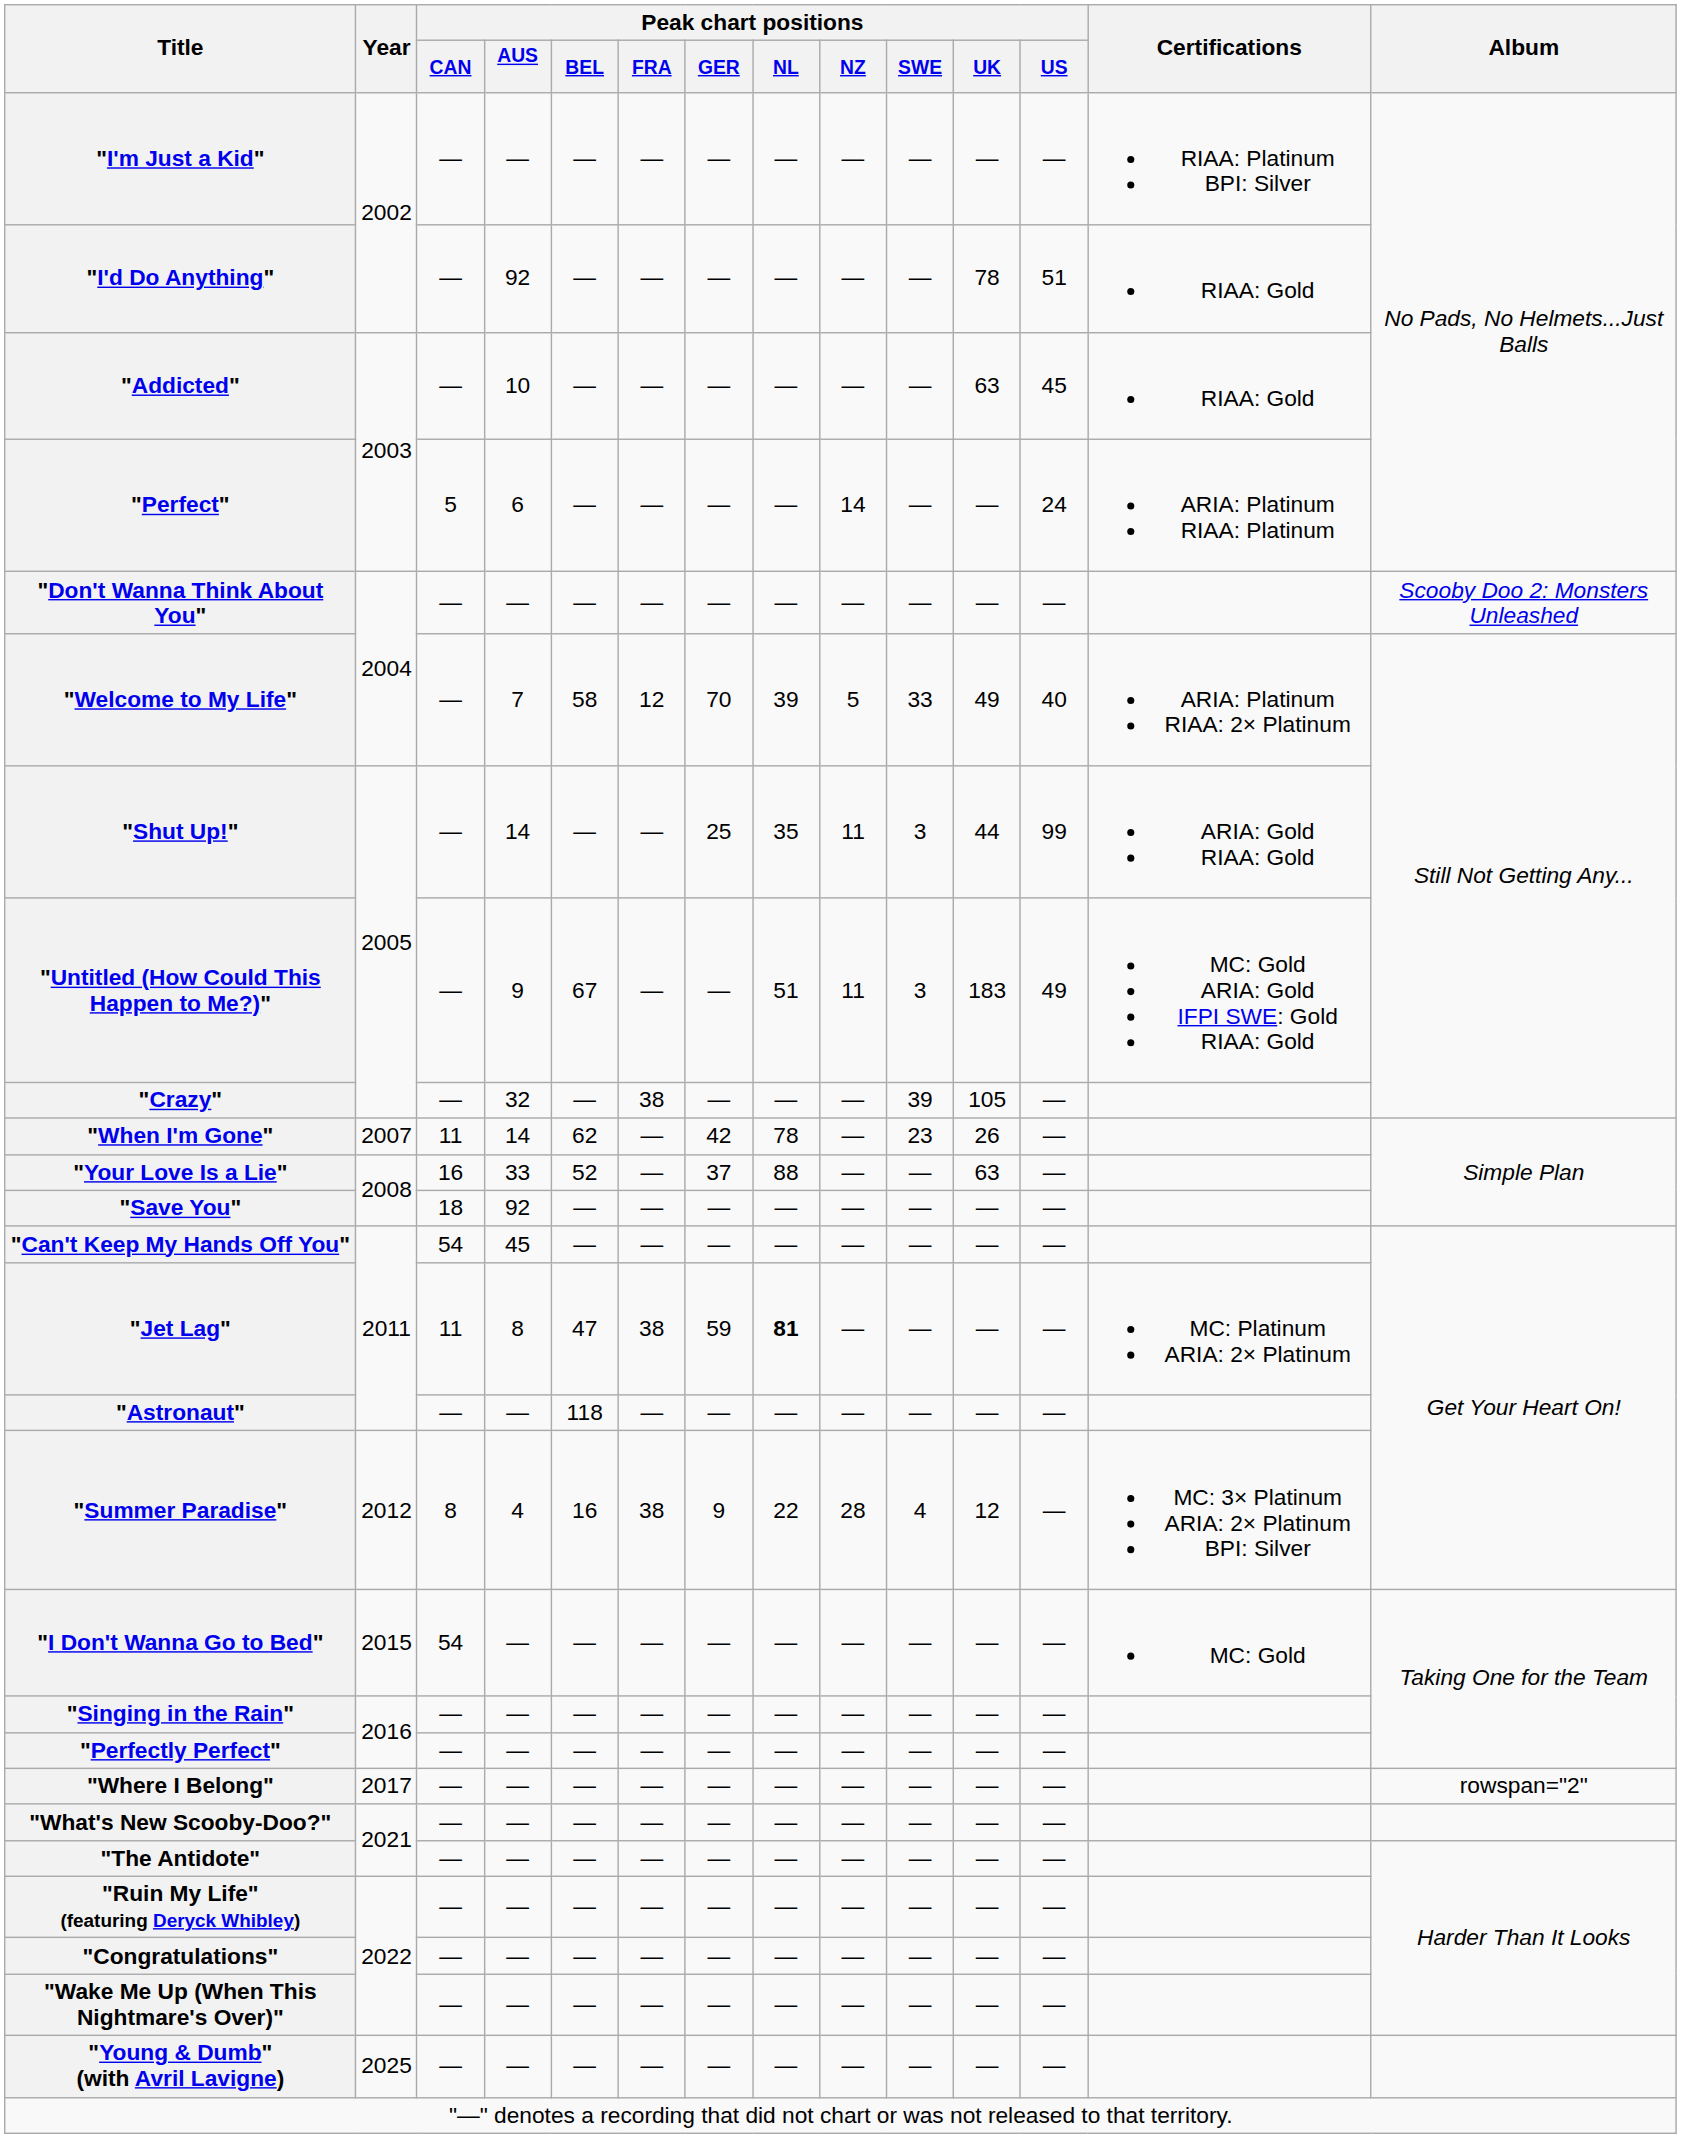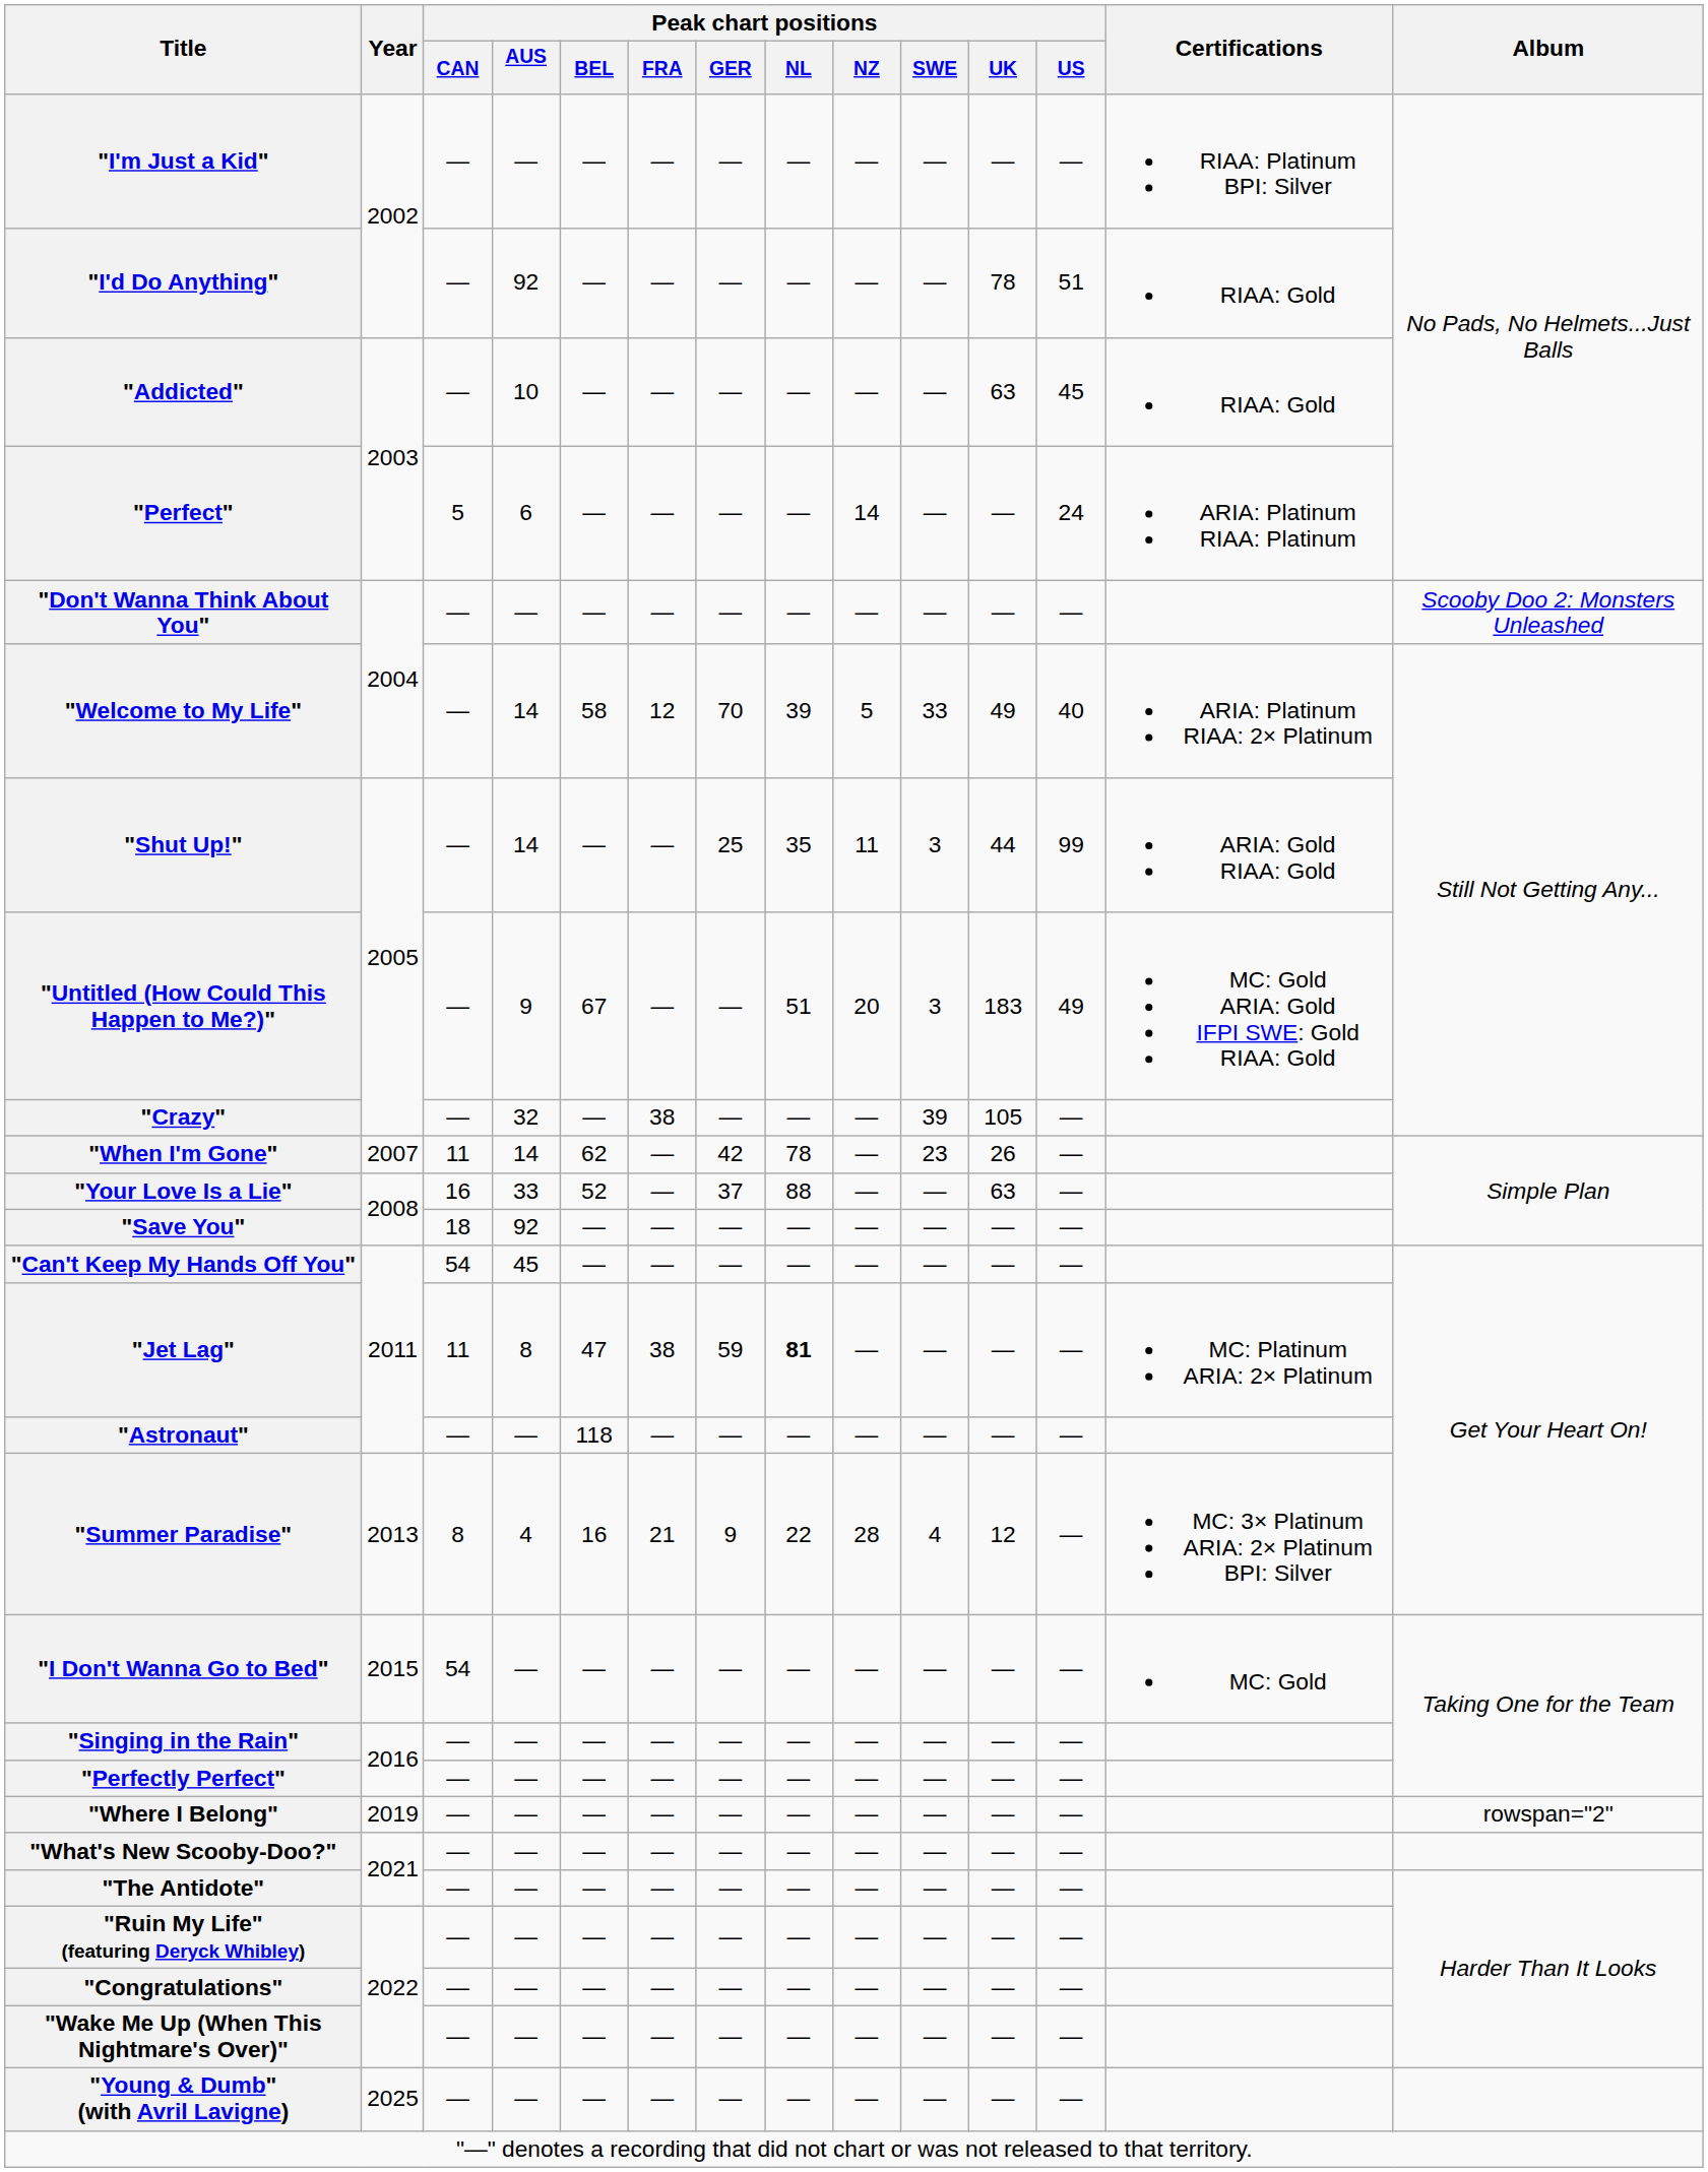 <table class="wikitable plainrowheaders" style="text-align:center;">
 <tr>
 <th scope="col" rowspan="2" style="width:15em;">Title</th>
 <th scope="col" rowspan="2" style="width:2em;">Year</th>
 <th scope="col" colspan="10" style="width:1em;">Peak chart positions</th>
 <th scope="col" rowspan="2" style="width:12em;">Certifications</th>
 <th scope="col" rowspan="2" style="width:13em;">Album</th>
 </tr>
 <tr>
 <th scope="col" style="width:3em;font-size:85%;"><a href='#'>CAN</a><br></th>
 <th scope="col" style="width:3em;font-size:85%;"><a href='#'>AUS</a><br><br></th>
 <th scope="col" style="width:3em;font-size:85%;"><a href='#'>BEL</a><br></th>
 <th scope="col" style="width:3em;font-size:85%;"><a href='#'>FRA</a><br></th>
 <th scope="col" style="width:3em;font-size:85%;"><a href='#'>GER</a><br></th>
 <th scope="col" style="width:3em;font-size:85%;"><a href='#'>NL</a><br></th>
 <th scope="col" style="width:3em;font-size:85%;"><a href='#'>NZ</a><br></th>
 <th scope="col" style="width:3em;font-size:85%;"><a href='#'>SWE</a><br></th>
 <th scope="col" style="width:3em;font-size:85%;"><a href='#'>UK</a><br></th>
 <th scope="col" style="width:3em;font-size:85%;"><a href='#'>US</a><br></th>
 </tr>
 <tr>
 <th scope="row">"<a href='#'>I'm Just a Kid</a>"</th>
 <td rowspan="2">2002</td>
 <td>—</td>
 <td>—</td>
 <td>—</td>
 <td>—</td>
 <td>—</td>
 <td>—</td>
 <td>—</td>
 <td>—</td>
 <td>—</td>
 <td>—</td>
 <td><br><ul><li>RIAA: Platinum</li><li>BPI: Silver</li></ul></td>
 <td rowspan="4"><em>No Pads, No Helmets...Just Balls</em></td>
 </tr>
 <tr>
 <th scope="row">"<a href='#'>I'd Do Anything</a>"<br></th>
 <td>—</td>
 <td>92</td>
 <td>—</td>
 <td>—</td>
 <td>—</td>
 <td>—</td>
 <td>—</td>
 <td>—</td>
 <td>78</td>
 <td>51</td>
 <td><br><ul><li>RIAA: Gold</li></ul></td>
 </tr>
 <tr>
 <th scope="row">"<a href='#'>Addicted</a>"</th>
 <td rowspan="2">2003</td>
 <td>—</td>
 <td>10</td>
 <td>—</td>
 <td>—</td>
 <td>—</td>
 <td>—</td>
 <td>—</td>
 <td>—</td>
 <td>63</td>
 <td>45</td>
 <td><br><ul><li>RIAA: Gold</li></ul></td>
 </tr>
 <tr>
 <th scope="row">"<a href='#'>Perfect</a>"</th>
 <td>5</td>
 <td>6</td>
 <td>—</td>
 <td>—</td>
 <td>—</td>
 <td>—</td>
 <td>14</td>
 <td>—</td>
 <td>—</td>
 <td>24</td>
 <td><br><ul><li>ARIA: Platinum</li><li>RIAA: Platinum</li></ul></td>
 </tr>
 <tr>
 <th scope="row">"<a href='#'>Don't Wanna Think About You</a>"</th>
 <td rowspan="2">2004</td>
 <td>—</td>
 <td>—</td>
 <td>—</td>
 <td>—</td>
 <td>—</td>
 <td>—</td>
 <td>—</td>
 <td>—</td>
 <td>—</td>
 <td>—</td>
 <td></td>
 <td><em><a href='#'>Scooby Doo 2: Monsters Unleashed</a></em></td>
 </tr>
 <tr>
 <th scope="row">"<a href='#'>Welcome to My Life</a>"</th>
 <td>—</td>
-<td>7</td>
+<td>14</td>
 <td>58</td>
 <td>12</td>
 <td>70</td>
 <td>39</td>
 <td>5</td>
 <td>33</td>
 <td>49</td>
 <td>40</td>
 <td><br><ul><li>ARIA: Platinum</li><li>RIAA: 2× Platinum</li></ul></td>
 <td rowspan="4"><em>Still Not Getting Any...</em></td>
 </tr>
 <tr>
 <th scope="row">"<a href='#'>Shut Up!</a>"</th>
 <td rowspan="3">2005</td>
 <td>—</td>
 <td>14</td>
 <td>—</td>
 <td>—</td>
 <td>25</td>
 <td>35</td>
 <td>11</td>
 <td>3</td>
 <td>44</td>
 <td>99</td>
 <td><br><ul><li>ARIA: Gold</li><li>RIAA: Gold</li></ul></td>
 </tr>
 <tr>
 <th scope="row">"<a href='#'>Untitled (How Could This Happen to Me?)</a>"</th>
 <td>—</td>
 <td>9</td>
 <td>67</td>
 <td>—</td>
 <td>—</td>
 <td>51</td>
-<td>11</td>
+<td>20</td>
 <td>3</td>
 <td>183</td>
 <td>49</td>
 <td><br><ul><li>MC: Gold</li><li>ARIA: Gold</li><li><a href='#'>IFPI SWE</a>: Gold</li><li>RIAA: Gold</li></ul></td>
 </tr>
 <tr>
 <th scope="row">"<a href='#'>Crazy</a>"</th>
 <td>—</td>
 <td>32</td>
 <td>—</td>
 <td>38</td>
 <td>—</td>
 <td>—</td>
 <td>—</td>
 <td>39</td>
 <td>105</td>
 <td>—</td>
 <td></td>
 </tr>
 <tr>
 <th scope="row">"<a href='#'>When I'm Gone</a>"</th>
 <td>2007</td>
 <td>11</td>
 <td>14</td>
 <td>62</td>
 <td>—</td>
 <td>42</td>
 <td>78</td>
 <td>—</td>
 <td>23</td>
 <td>26</td>
 <td>—</td>
 <td></td>
 <td rowspan="3"><em>Simple Plan</em></td>
 </tr>
 <tr>
 <th scope="row">"<a href='#'>Your Love Is a Lie</a>"</th>
 <td rowspan="2">2008</td>
 <td>16</td>
 <td>33</td>
 <td>52</td>
 <td>—</td>
 <td>37</td>
 <td>88</td>
 <td>—</td>
 <td>—</td>
 <td>63</td>
 <td>—</td>
 <td></td>
 </tr>
 <tr>
 <th scope="row">"<a href='#'>Save You</a>"</th>
 <td>18</td>
 <td>92</td>
 <td>—</td>
 <td>—</td>
 <td>—</td>
 <td>—</td>
 <td>—</td>
 <td>—</td>
 <td>—</td>
 <td>—</td>
 <td></td>
 </tr>
 <tr>
 <th scope="row">"<a href='#'>Can't Keep My Hands Off You</a>"<br></th>
 <td rowspan="3">2011</td>
 <td>54</td>
 <td>45</td>
 <td>—</td>
 <td>—</td>
 <td>—</td>
 <td>—</td>
 <td>—</td>
 <td>—</td>
 <td>—</td>
 <td>—</td>
 <td></td>
 <td rowspan="4"><em>Get Your Heart On!</em></td>
 </tr>
 <tr>
 <th scope="row">"<a href='#'>Jet Lag</a>"<br></th>
 <td>11</td>
 <td>8</td>
 <td>47</td>
 <td>38</td>
 <td>59</td>
 <td><strong>81</strong></td>
 <td>—</td>
 <td>—</td>
 <td>—</td>
 <td>—</td>
 <td><br><ul><li>MC: Platinum</li><li>ARIA: 2× Platinum</li></ul></td>
 </tr>
 <tr>
 <th scope="row">"<a href='#'>Astronaut</a>"</th>
 <td>—</td>
 <td>—</td>
 <td>118</td>
 <td>—</td>
 <td>—</td>
 <td>—</td>
 <td>—</td>
 <td>—</td>
 <td>—</td>
 <td>—</td>
 <td></td>
 </tr>
 <tr>
 <th scope="row">"<a href='#'>Summer Paradise</a>"<br></th>
-<td>2012</td>
+<td>2013</td>
 <td>8</td>
 <td>4</td>
 <td>16</td>
-<td>38</td>
+<td>21</td>
 <td>9</td>
 <td>22</td>
 <td>28</td>
 <td>4</td>
 <td>12</td>
 <td>—</td>
 <td><br><ul><li>MC: 3× Platinum</li><li>ARIA: 2× Platinum</li><li>BPI: Silver</li></ul></td>
 </tr>
 <tr>
 <th scope="row">"<a href='#'>I Don't Wanna Go to Bed</a>"<br></th>
 <td>2015</td>
 <td>54</td>
 <td>—</td>
 <td>—</td>
 <td>—</td>
 <td>—</td>
 <td>—</td>
 <td>—</td>
 <td>—</td>
 <td>—</td>
 <td>—</td>
 <td><br><ul><li>MC: Gold</li></ul></td>
 <td rowspan="3"><em>Taking One for the Team</em></td>
 </tr>
 <tr>
 <th scope="row">"<a href='#'>Singing in the Rain</a>"</th>
 <td rowspan="2">2016</td>
 <td>—</td>
 <td>—</td>
 <td>—</td>
 <td>—</td>
 <td>—</td>
 <td>—</td>
 <td>—</td>
 <td>—</td>
 <td>—</td>
 <td>—</td>
 <td></td>
 </tr>
 <tr>
 <th scope="row">"<a href='#'>Perfectly Perfect</a>"</th>
 <td>—</td>
 <td>—</td>
 <td>—</td>
 <td>—</td>
 <td>—</td>
 <td>—</td>
 <td>—</td>
 <td>—</td>
 <td>—</td>
 <td>—</td>
 <td></td>
 </tr>
 <tr>
 <th scope="row">"Where I Belong"<br></th>
-<td>2017</td>
+<td>2019</td>
 <td>—</td>
 <td>—</td>
 <td>—</td>
 <td>—</td>
 <td>—</td>
 <td>—</td>
 <td>—</td>
 <td>—</td>
 <td>—</td>
 <td>—</td>
 <td></td>
 <td>rowspan="2" </td>
 </tr>
 <tr>
 <th scope="row">"What's New Scooby-Doo?"</th>
 <td rowspan="2">2021</td>
 <td>—</td>
 <td>—</td>
 <td>—</td>
 <td>—</td>
 <td>—</td>
 <td>—</td>
 <td>—</td>
 <td>—</td>
 <td>—</td>
 <td>—</td>
 <td></td>
 </tr>
 <tr>
 <th scope="row">"The Antidote"</th>
 <td>—</td>
 <td>—</td>
 <td>—</td>
 <td>—</td>
 <td>—</td>
 <td>—</td>
 <td>—</td>
 <td>—</td>
 <td>—</td>
 <td>—</td>
 <td></td>
 <td rowspan="4"><em>Harder Than It Looks</em></td>
 </tr>
 <tr>
 <th scope="row">"Ruin My Life"<br><small>(featuring <a href='#'>Deryck Whibley</a>)</small></th>
 <td rowspan="3">2022</td>
 <td>—</td>
 <td>—</td>
 <td>—</td>
 <td>—</td>
 <td>—</td>
 <td>—</td>
 <td>—</td>
 <td>—</td>
 <td>—</td>
 <td>—</td>
 <td></td>
 </tr>
 <tr>
 <th scope="row">"Congratulations"</th>
 <td>—</td>
 <td>—</td>
 <td>—</td>
 <td>—</td>
 <td>—</td>
 <td>—</td>
 <td>—</td>
 <td>—</td>
 <td>—</td>
 <td>—</td>
 <td></td>
 </tr>
 <tr>
 <th scope="row">"Wake Me Up (When This Nightmare's Over)"</th>
 <td>—</td>
 <td>—</td>
 <td>—</td>
 <td>—</td>
 <td>—</td>
 <td>—</td>
 <td>—</td>
 <td>—</td>
 <td>—</td>
 <td>—</td>
 <td></td>
 </tr>
 <tr>
 <th scope="row">"<a href='#'>Young & Dumb</a>"<br><span>(with <a href='#'>Avril Lavigne</a>)</span></th>
 <td>2025</td>
 <td>—</td>
 <td>—</td>
 <td>—</td>
 <td>—</td>
 <td>—</td>
 <td>—</td>
 <td>—</td>
 <td>—</td>
 <td>—</td>
 <td>—</td>
 <td></td>
 <td></td>
 </tr>
 <tr>
 <td colspan="14">"—" denotes a recording that did not chart or was not released to that territory.</td>
 </tr>
 </table>
